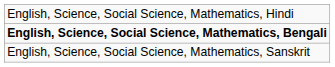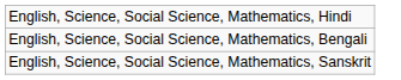 <table class="wikitable">
 <tr>
 <td>English, Science, Social Science, Mathematics, Hindi</td>
 </tr>
 <tr>
-<td><strong>English, Science, Social Science, Mathematics, Bengali</strong></td>
+<td>English, Science, Social Science, Mathematics, Bengali</td>
 </tr>
 <tr>
 <td>English, Science, Social Science, Mathematics, Sanskrit</td>
 </tr>
 </table>
